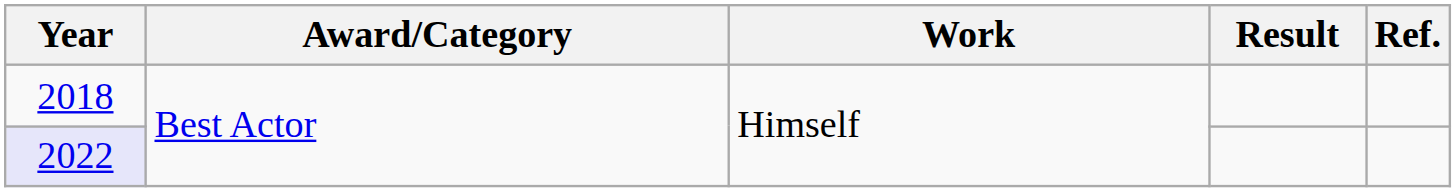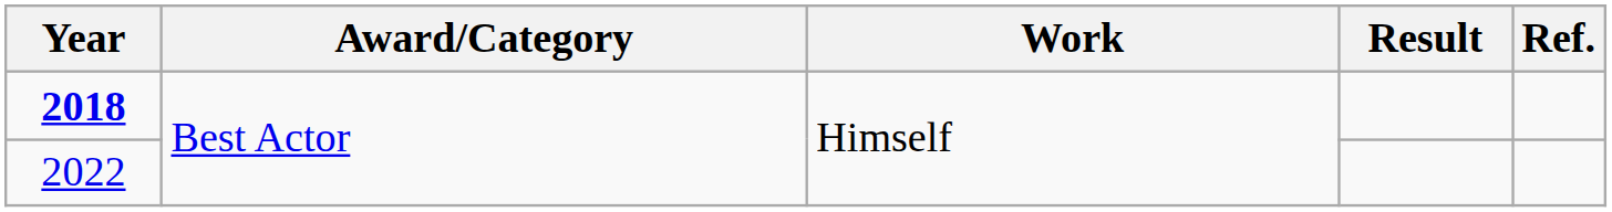 <table class=wikitable>
 <tr>
 <th scope="col" style="width:5em;">Year</th>
 <th scope="col" style="width:26em;">Award/Category</th>
 <th scope="col" style="width:25em;">Work</th>
 <th scope="col" style="width:5em;">Result</th>
 <th>Ref.</th>
 </tr>
 <tr>
-<td style="text-align:center;"><a href='#'>2018</a></td>
+<td style="text-align:center;"><strong><a href='#'>2018</a></strong></td>
 <td rowspan="2"><a href='#'>Best Actor</a></td>
 <td rowspan="2">Himself</td>
 <td></td>
 <td></td>
 </tr>
 <tr>
-<td style="background: lavender; text-align:center;"><a href='#'>2022</a></td>
+<td style="text-align:center;"><a href='#'>2022</a></td>
 <td></td>
 <td></td>
 </tr>
 </table>
